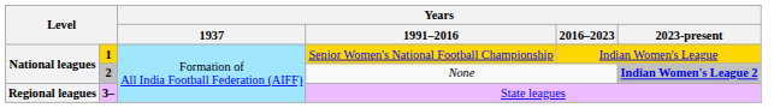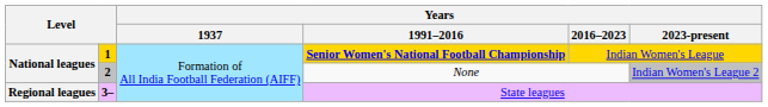 <table class="wikitable" style="text-align: center; font-size: 11px ;">
 <tr>
 <th colspan="2" rowspan="2">Level</th>
 <th colspan="4">Years</th>
 </tr>
 <tr>
 <th>1937</th>
 <th>1991–2016</th>
 <th>2016–2023</th>
 <th>2023-present</th>
 </tr>
 <tr>
 <th rowspan="2">National leagues</th>
 <td bgcolor="gold"><strong>1</strong></td>
 <td rowspan="3" bgcolor="#A1E6FF">Formation of <br> <a href='#'>All India Football Federation (AIFF)</a></td>
-<td bgcolor="gold"><a href='#'>Senior Women's National Football Championship</a></td>
+<td bgcolor="gold"><strong><a href='#'>Senior Women's National Football Championship</a></strong></td>
 <td colspan="2" bgcolor="gold"><a href='#'>Indian Women's League</a></td>
 </tr>
 <tr>
 <td bgcolor="silver"><strong>2</strong></td>
 <td colspan="2"><em>None</em></td>
-<td bgcolor="silver"><strong><a href='#'>Indian Women's League 2</a></strong></td>
+<td bgcolor="silver"><a href='#'>Indian Women's League 2</a></td>
 </tr>
 <tr>
 <th>Regional leagues</th>
 <td bgcolor="#EDBCFF"><strong>3–</strong></td>
 <td colspan="3" bgcolor="#EDBCFF"><a href='#'>State leagues</a></td>
 </tr>
 </table>
